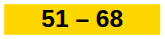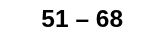 <table style="text-align:center">
 <tr>
 <th width=200></th>
 <th width=100></th>
 <th width=200></th>
 </tr>
 <tr>
 <td align=right></td>
-<td style="background: gold;"><strong>51 – 68</strong></td>
+<td><strong>51 – 68</strong></td>
 <td align=left><strong></strong></td>
 </tr>
 </table>
